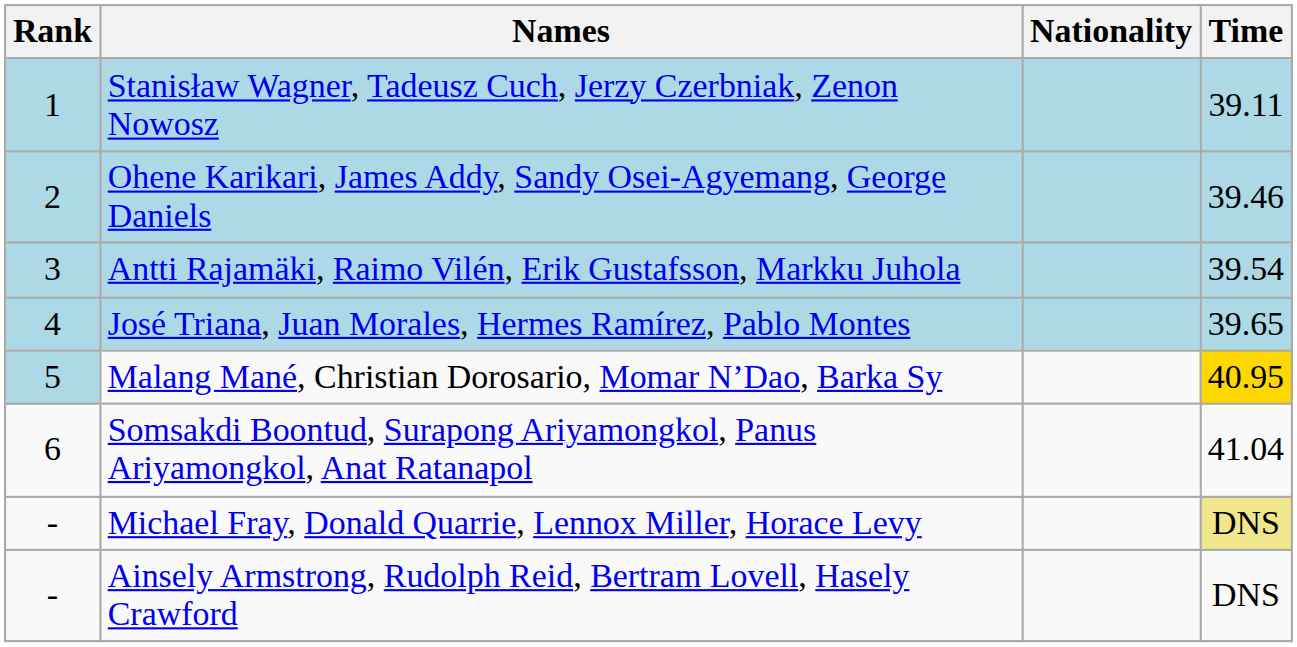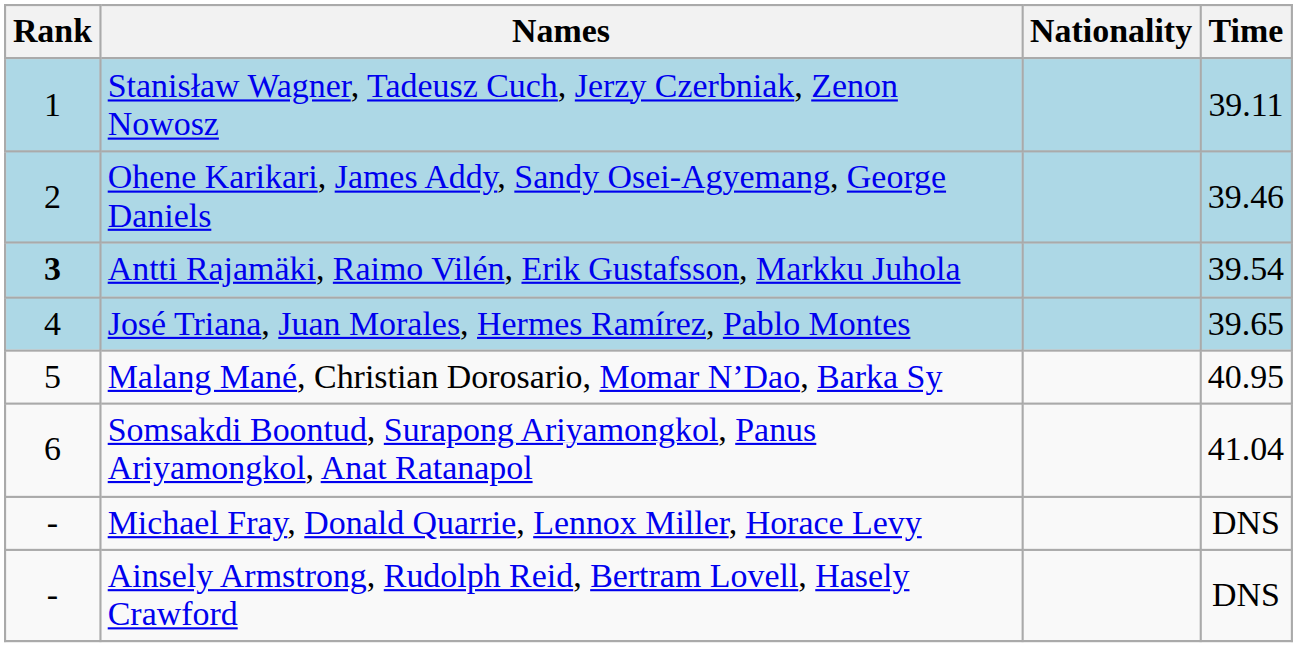 <table class="wikitable sortable" style="text-align:center">
 <tr>
 <th>Rank</th>
 <th>Names</th>
 <th>Nationality</th>
 <th>Time</th>
 </tr>
 <tr bgcolor=lightblue>
 <td>1</td>
 <td align=left><a href='#'>Stanisław Wagner</a>, <a href='#'>Tadeusz Cuch</a>, <a href='#'>Jerzy Czerbniak</a>, <a href='#'>Zenon Nowosz</a></td>
 <td align=left></td>
 <td>39.11</td>
 </tr>
 <tr bgcolor=lightblue>
 <td>2</td>
 <td align=left><a href='#'>Ohene Karikari</a>, <a href='#'>James Addy</a>, <a href='#'>Sandy Osei-Agyemang</a>, <a href='#'>George Daniels</a></td>
 <td align=left></td>
 <td>39.46</td>
 </tr>
 <tr bgcolor=lightblue>
-<td>3</td>
+<td><strong>3</strong></td>
 <td align=left><a href='#'>Antti Rajamäki</a>, <a href='#'>Raimo Vilén</a>, <a href='#'>Erik Gustafsson</a>, <a href='#'>Markku Juhola</a></td>
 <td align=left></td>
 <td>39.54</td>
 </tr>
 <tr bgcolor=lightblue>
 <td>4</td>
 <td align=left><a href='#'>José Triana</a>, <a href='#'>Juan Morales</a>, <a href='#'>Hermes Ramírez</a>, <a href='#'>Pablo Montes</a></td>
 <td align=left></td>
 <td>39.65</td>
 </tr>
 <tr>
-<td style="background: lightblue;">5</td>
+<td>5</td>
 <td align=left><a href='#'>Malang Mané</a>, Christian Dorosario, <a href='#'>Momar N’Dao</a>, <a href='#'>Barka Sy</a></td>
 <td align=left></td>
-<td style="background: gold;">40.95</td>
+<td>40.95</td>
 </tr>
 <tr>
 <td>6</td>
 <td align=left><a href='#'>Somsakdi Boontud</a>, <a href='#'>Surapong Ariyamongkol</a>, <a href='#'>Panus Ariyamongkol</a>, <a href='#'>Anat Ratanapol</a></td>
 <td align=left></td>
 <td>41.04</td>
 </tr>
 <tr>
 <td>-</td>
 <td align=left><a href='#'>Michael Fray</a>, <a href='#'>Donald Quarrie</a>, <a href='#'>Lennox Miller</a>, <a href='#'>Horace Levy</a></td>
 <td align=left></td>
-<td style="background: khaki;">DNS</td>
+<td>DNS</td>
 </tr>
 <tr>
 <td>-</td>
 <td align=left><a href='#'>Ainsely Armstrong</a>, <a href='#'>Rudolph Reid</a>, <a href='#'>Bertram Lovell</a>, <a href='#'>Hasely Crawford</a></td>
 <td align=left></td>
 <td>DNS</td>
 </tr>
 <tr>
 </tr>
 </table>
